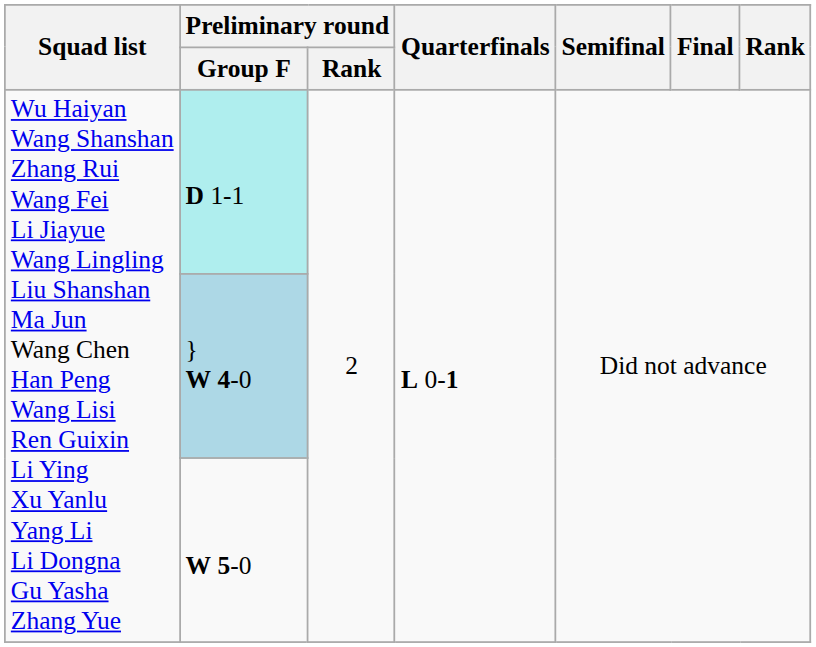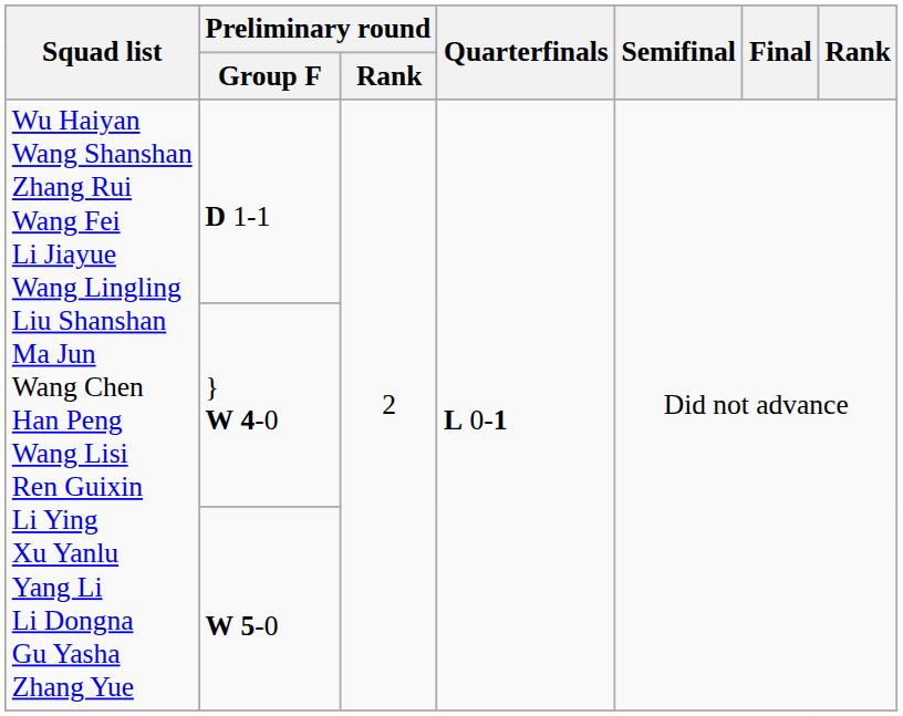 <table class="wikitable"style="text-align:left; font-size:90%">
 <tr>
 <th rowspan="2">Squad list</th>
 <th colspan="2">Preliminary round</th>
 <th rowspan="2">Quarterfinals</th>
 <th rowspan="2">Semifinal</th>
 <th rowspan="2">Final</th>
 <th rowspan="2">Rank</th>
 </tr>
 <tr>
 <th>Group F</th>
 <th>Rank</th>
 </tr>
 <tr>
 <td rowspan=3><a href='#'>Wu Haiyan</a><br><a href='#'>Wang Shanshan</a><br><a href='#'>Zhang Rui</a><br><a href='#'>Wang Fei</a><br><a href='#'>Li Jiayue</a><br><a href='#'>Wang Lingling</a><br><a href='#'>Liu Shanshan</a><br><a href='#'>Ma Jun</a><br>Wang Chen<br><a href='#'>Han Peng</a><br><a href='#'>Wang Lisi</a><br><a href='#'>Ren Guixin</a><br><a href='#'>Li Ying</a><br><a href='#'>Xu Yanlu</a><br><a href='#'>Yang Li</a><br><a href='#'>Li Dongna</a><br><a href='#'>Gu Yasha</a><br><a href='#'>Zhang Yue</a></td>
-<td style="background: paleturquoise;"><br><strong>D</strong> 1-1</td>
+<td><br><strong>D</strong> 1-1</td>
 <td rowspan="3" style="text-align:center;">2 <strong></strong></td>
 <td rowspan=3><br><strong>L</strong> 0-<strong>1</strong></td>
 <td rowspan="3" colspan="3" style="text-align:center;">Did not advance</td>
 </tr>
 <tr>
-<td style="background: lightblue;">}<br><strong>W</strong> <strong>4</strong>-0</td>
+<td>}<br><strong>W</strong> <strong>4</strong>-0</td>
 </tr>
 <tr>
 <td><br><strong>W</strong> <strong>5</strong>-0</td>
 </tr>
 </table>
